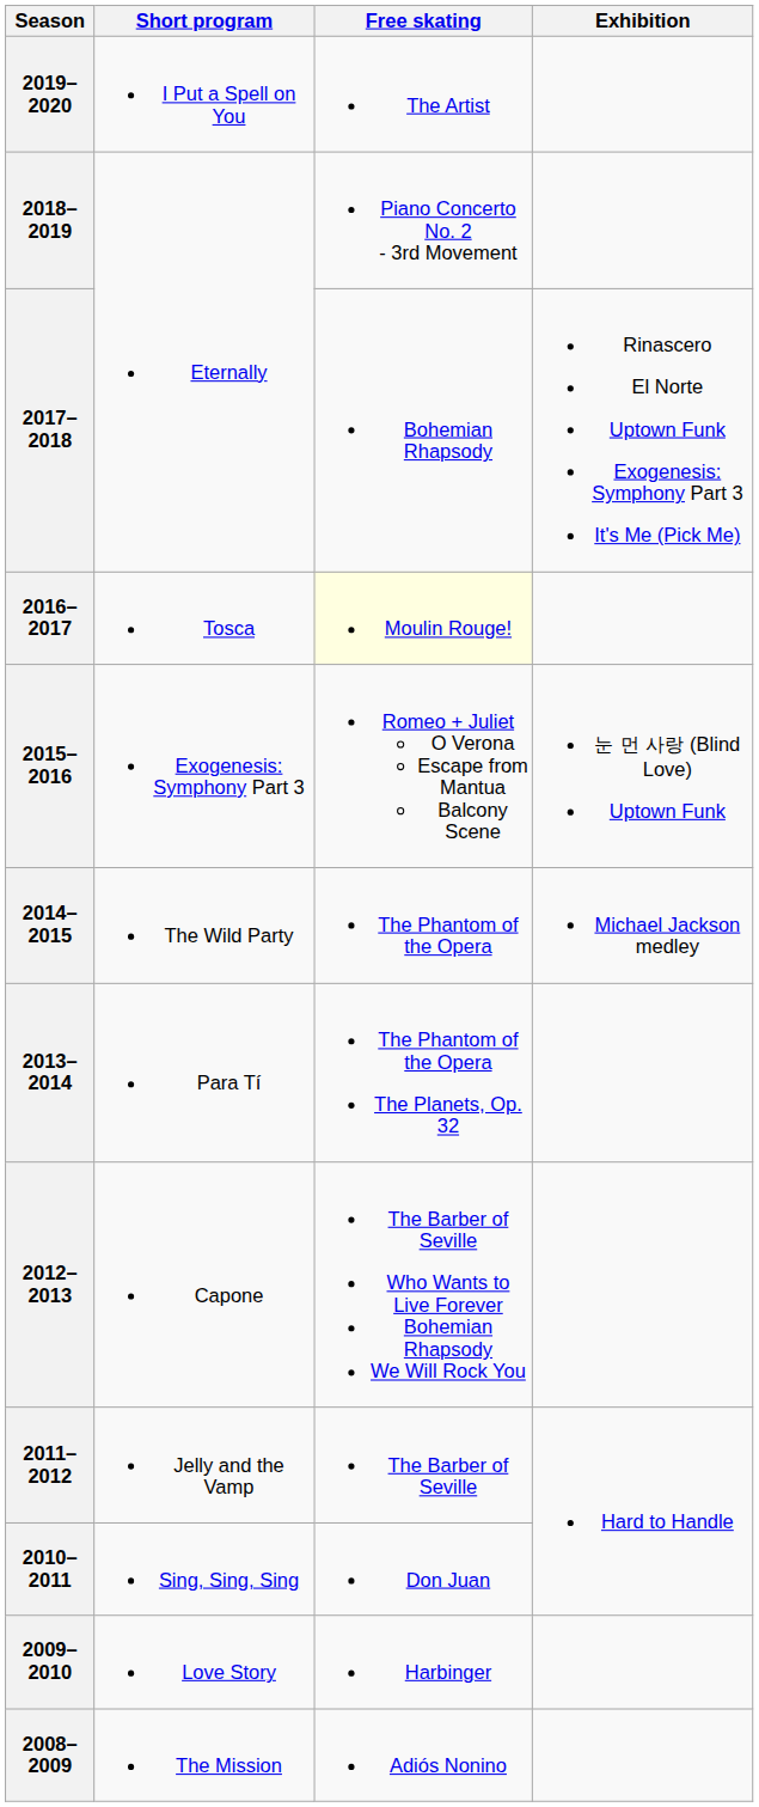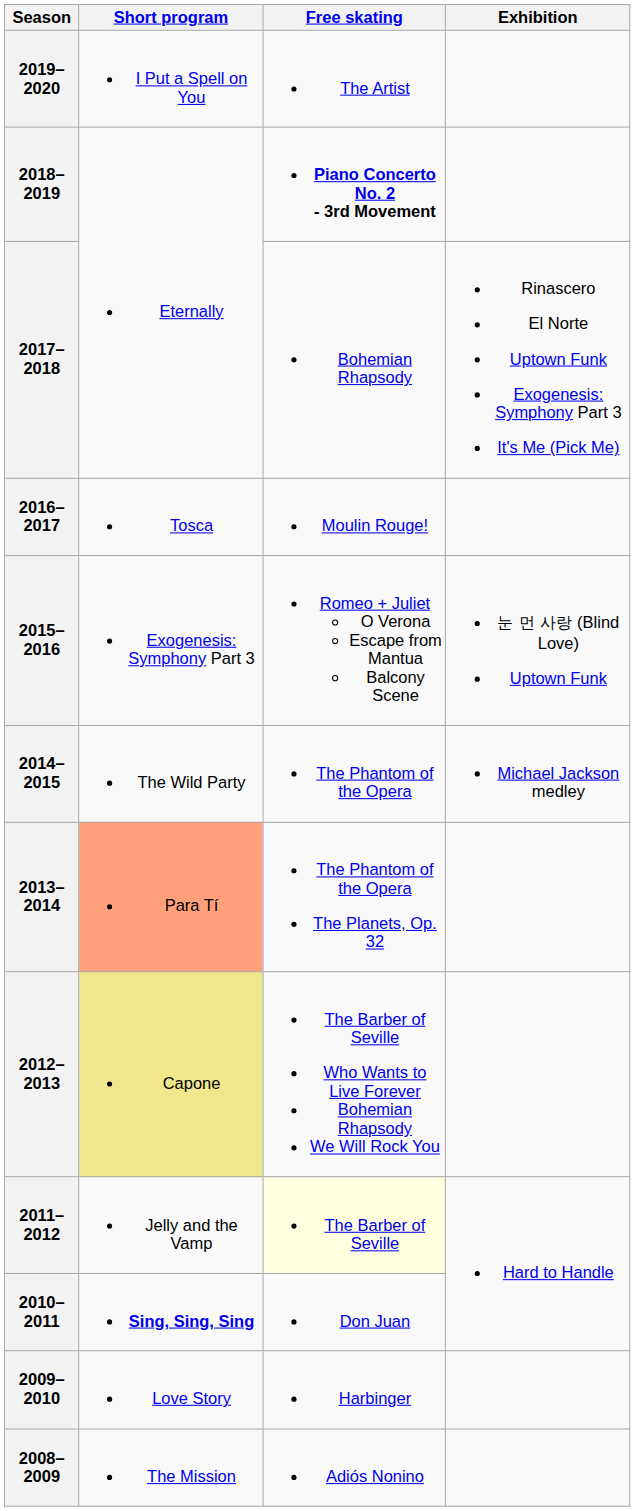 <table class="wikitable" style="text-align:center">
 <tr>
 <th>Season</th>
 <th><a href='#'>Short program</a></th>
 <th><a href='#'>Free skating</a></th>
 <th>Exhibition</th>
 </tr>
 <tr>
 <th>2019–2020 <br> </th>
 <td><br><ul><li><a href='#'>I Put a Spell on You</a> <br></li></ul></td>
 <td><br><ul><li><a href='#'>The Artist</a> <br></li></ul></td>
 <td></td>
 </tr>
 <tr>
 <th>2018–2019 <br> </th>
 <td rowspan=2><br><ul><li><a href='#'>Eternally</a> <br></li></ul></td>
-<td><br><ul><li><a href='#'>Piano Concerto No. 2</a> <br> - 3rd Movement <br> </li></ul></td>
+<td><strong><br><ul><li><a href='#'>Piano Concerto No. 2</a> <br> - 3rd Movement <br> </li></ul></strong></td>
 <td></td>
 </tr>
 <tr>
 <th>2017–2018 <br> </th>
 <td><br><ul><li><a href='#'>Bohemian Rhapsody</a> <br> </li></ul></td>
 <td><br><ul><li>Rinascero <br> </li></ul><ul><li>El Norte <br></li></ul><ul><li><a href='#'>Uptown Funk</a> <br></li></ul><ul><li><a href='#'>Exogenesis: Symphony</a> Part 3 <br></li></ul><ul><li><a href='#'>It's Me (Pick Me)</a> <br> </li></ul></td>
 </tr>
 <tr>
 <th>2016–2017<br></th>
 <td><br><ul><li><a href='#'>Tosca</a> <br></li></ul></td>
-<td style="background: lightyellow;"><br><ul><li><a href='#'>Moulin Rouge!</a> <br></li></ul></td>
+<td><br><ul><li><a href='#'>Moulin Rouge!</a> <br></li></ul></td>
 <td></td>
 </tr>
 <tr>
 <th>2015–2016 <br> </th>
 <td><br><ul><li><a href='#'>Exogenesis: Symphony</a> Part 3 <br></li></ul></td>
 <td><br><ul><li><a href='#'>Romeo + Juliet</a> <br><ul><li>O Verona</li><li>Escape from Mantua</li><li>Balcony Scene</li></ul></li></ul></td>
 <td><br><ul><li>눈 먼 사랑 (Blind Love) <br></li></ul><ul><li><a href='#'>Uptown Funk</a> <br></li></ul></td>
 </tr>
 <tr>
 <th>2014–2015 <br> </th>
 <td><br><ul><li>The Wild Party <br></li></ul></td>
 <td><br><ul><li><a href='#'>The Phantom of the Opera</a> <br></li></ul></td>
 <td><br><ul><li><a href='#'>Michael Jackson</a> medley <br></li></ul></td>
 </tr>
 <tr>
 <th>2013–2014 <br> </th>
-<td><br><ul><li>Para Tí <br></li></ul></td>
+<td style="background: lightsalmon;"><br><ul><li>Para Tí <br></li></ul></td>
 <td><br><ul><li><a href='#'>The Phantom of the Opera</a> <br></li></ul><ul><li><a href='#'> The Planets, Op. 32</a> <br></li></ul></td>
 <td></td>
 </tr>
 <tr>
 <th>2012–2013 <br> </th>
-<td><br><ul><li>Capone <br></li></ul></td>
+<td style="background: khaki;"><br><ul><li>Capone <br></li></ul></td>
 <td><br><ul><li><a href='#'>The Barber of Seville</a> <br></li></ul><ul><li><a href='#'>Who Wants to Live Forever</a></li><li><a href='#'>Bohemian Rhapsody</a></li><li><a href='#'>We Will Rock You</a> <br> </li></ul></td>
 <td></td>
 </tr>
 <tr>
 <th>2011–2012 <br> </th>
 <td><br><ul><li>Jelly and the Vamp <br></li></ul></td>
-<td><br><ul><li><a href='#'>The Barber of Seville</a> <br></li></ul></td>
+<td style="background: lightyellow;"><br><ul><li><a href='#'>The Barber of Seville</a> <br></li></ul></td>
 <td rowspan=2><br><ul><li><a href='#'>Hard to Handle</a> <br></li></ul></td>
 </tr>
 <tr>
 <th>2010–2011</th>
-<td><br><ul><li><a href='#'>Sing, Sing, Sing</a> <br></li></ul></td>
+<td><strong><br><ul><li><a href='#'>Sing, Sing, Sing</a> <br></li></ul></strong></td>
 <td><br><ul><li><a href='#'>Don Juan</a> <br></li></ul></td>
 </tr>
 <tr>
 <th>2009–2010</th>
 <td><br><ul><li><a href='#'>Love Story</a> <br></li></ul></td>
 <td><br><ul><li><a href='#'>Harbinger</a> <br></li></ul></td>
 <td></td>
 </tr>
 <tr>
 <th>2008–2009</th>
 <td><br><ul><li><a href='#'>The Mission</a> <br></li></ul></td>
 <td><br><ul><li><a href='#'>Adiós Nonino</a> <br></li></ul></td>
 <td></td>
 </tr>
 </table>
